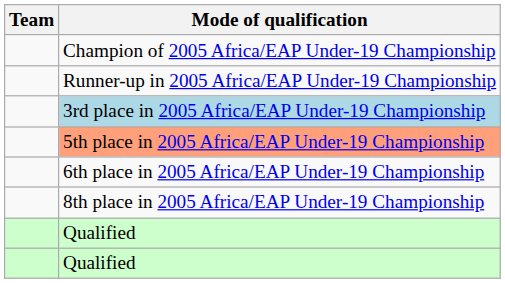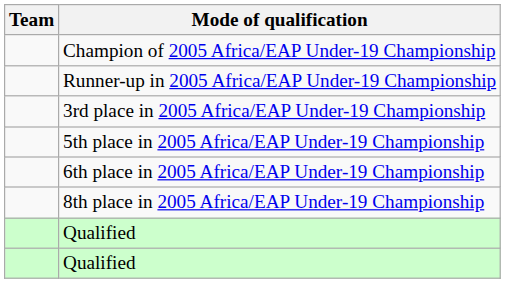 <table class="wikitable">
 <tr>
 <th>Team</th>
 <th>Mode of qualification</th>
 </tr>
 <tr>
 <td></td>
 <td>Champion of <a href='#'>2005 Africa/EAP Under-19 Championship</a></td>
 </tr>
 <tr>
 <td></td>
 <td>Runner-up in <a href='#'>2005 Africa/EAP Under-19 Championship</a></td>
 </tr>
 <tr>
 <td></td>
-<td style="background: lightblue;">3rd place in <a href='#'>2005 Africa/EAP Under-19 Championship</a></td>
+<td>3rd place in <a href='#'>2005 Africa/EAP Under-19 Championship</a></td>
 </tr>
 <tr>
 <td></td>
-<td style="background: lightsalmon;">5th place in <a href='#'>2005 Africa/EAP Under-19 Championship</a></td>
+<td>5th place in <a href='#'>2005 Africa/EAP Under-19 Championship</a></td>
 </tr>
 <tr>
 <td></td>
 <td>6th place in <a href='#'>2005 Africa/EAP Under-19 Championship</a></td>
 </tr>
 <tr>
 <td></td>
 <td>8th place in <a href='#'>2005 Africa/EAP Under-19 Championship</a></td>
 </tr>
 <tr style="background:#cfc;">
 <td></td>
 <td>Qualified</td>
 </tr>
 <tr style="background:#cfc;">
 <td></td>
 <td>Qualified</td>
 </tr>
 </table>
